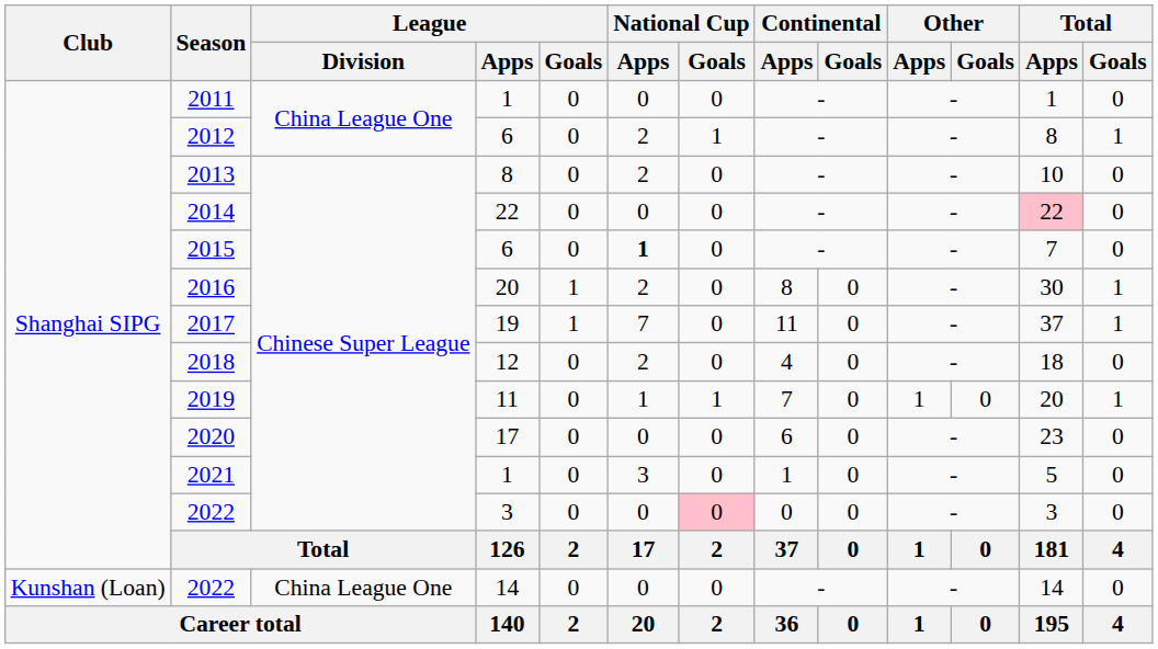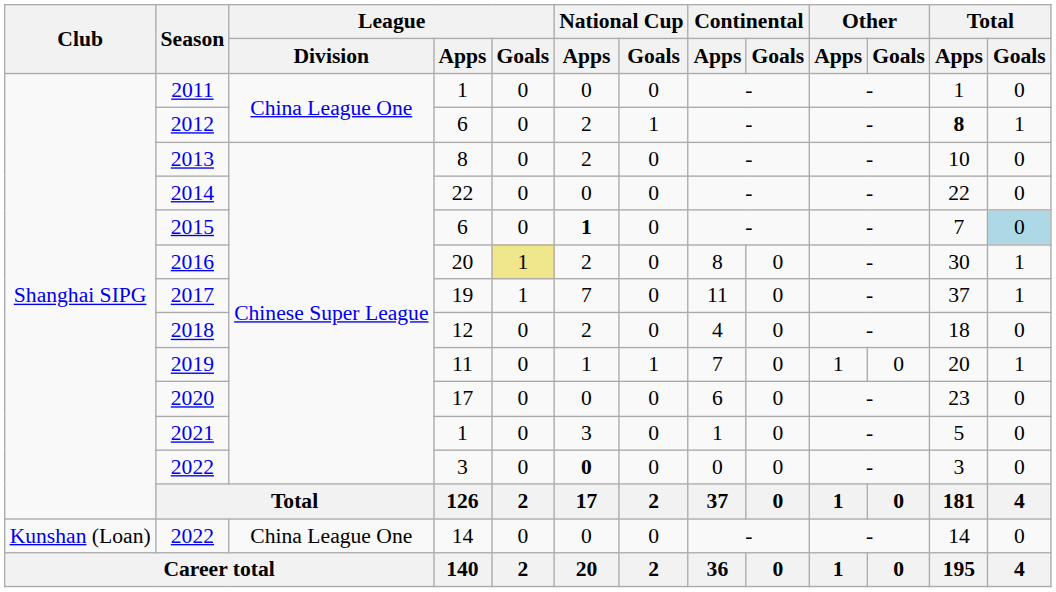 <table class="wikitable" style="text-align: center">
 <tr>
 <th rowspan="2">Club</th>
 <th rowspan="2">Season</th>
 <th colspan="3">League</th>
 <th colspan="2">National Cup</th>
 <th colspan="2">Continental</th>
 <th colspan="2">Other</th>
 <th colspan="2">Total</th>
 </tr>
 <tr>
 <th>Division</th>
 <th>Apps</th>
 <th>Goals</th>
 <th>Apps</th>
 <th>Goals</th>
 <th>Apps</th>
 <th>Goals</th>
 <th>Apps</th>
 <th>Goals</th>
 <th>Apps</th>
 <th>Goals</th>
 </tr>
 <tr>
 <td rowspan=13><a href='#'>Shanghai SIPG</a></td>
 <td><a href='#'>2011</a></td>
 <td rowspan="2"><a href='#'>China League One</a></td>
 <td>1</td>
 <td>0</td>
 <td>0</td>
 <td>0</td>
 <td colspan="2">-</td>
 <td colspan="2">-</td>
 <td>1</td>
 <td>0</td>
 </tr>
 <tr>
 <td><a href='#'>2012</a></td>
 <td>6</td>
 <td>0</td>
 <td>2</td>
 <td>1</td>
 <td colspan="2">-</td>
 <td colspan="2">-</td>
-<td>8</td>
+<td><strong>8</strong></td>
 <td>1</td>
 </tr>
 <tr>
 <td><a href='#'>2013</a></td>
 <td rowspan="10"><a href='#'>Chinese Super League</a></td>
 <td>8</td>
 <td>0</td>
 <td>2</td>
 <td>0</td>
 <td colspan="2">-</td>
 <td colspan="2">-</td>
 <td>10</td>
 <td>0</td>
 </tr>
 <tr>
 <td><a href='#'>2014</a></td>
 <td>22</td>
 <td>0</td>
 <td>0</td>
 <td>0</td>
 <td colspan="2">-</td>
 <td colspan="2">-</td>
-<td style="background: pink;">22</td>
+<td>22</td>
 <td>0</td>
 </tr>
 <tr>
 <td><a href='#'>2015</a></td>
 <td>6</td>
 <td>0</td>
 <td><strong>1</strong></td>
 <td>0</td>
 <td colspan="2">-</td>
 <td colspan="2">-</td>
 <td>7</td>
-<td>0</td>
+<td style="background: lightblue;">0</td>
 </tr>
 <tr>
 <td><a href='#'>2016</a></td>
 <td>20</td>
-<td>1</td>
+<td style="background: khaki;">1</td>
 <td>2</td>
 <td>0</td>
 <td>8</td>
 <td>0</td>
 <td colspan="2">-</td>
 <td>30</td>
 <td>1</td>
 </tr>
 <tr>
 <td><a href='#'>2017</a></td>
 <td>19</td>
 <td>1</td>
 <td>7</td>
 <td>0</td>
 <td>11</td>
 <td>0</td>
 <td colspan="2">-</td>
 <td>37</td>
 <td>1</td>
 </tr>
 <tr>
 <td><a href='#'>2018</a></td>
 <td>12</td>
 <td>0</td>
 <td>2</td>
 <td>0</td>
 <td>4</td>
 <td>0</td>
 <td colspan="2">-</td>
 <td>18</td>
 <td>0</td>
 </tr>
 <tr>
 <td><a href='#'>2019</a></td>
 <td>11</td>
 <td>0</td>
 <td>1</td>
 <td>1</td>
 <td>7</td>
 <td>0</td>
 <td>1</td>
 <td>0</td>
 <td>20</td>
 <td>1</td>
 </tr>
 <tr>
 <td><a href='#'>2020</a></td>
 <td>17</td>
 <td>0</td>
 <td>0</td>
 <td>0</td>
 <td>6</td>
 <td>0</td>
 <td colspan="2">-</td>
 <td>23</td>
 <td>0</td>
 </tr>
 <tr>
 <td><a href='#'>2021</a></td>
 <td>1</td>
 <td>0</td>
 <td>3</td>
 <td>0</td>
 <td>1</td>
 <td>0</td>
 <td colspan="2">-</td>
 <td>5</td>
 <td>0</td>
 </tr>
 <tr>
 <td><a href='#'>2022</a></td>
 <td>3</td>
 <td>0</td>
+<td><strong>0</strong></td>
 <td>0</td>
-<td style="background: pink;">0</td>
 <td>0</td>
 <td>0</td>
 <td colspan="2">-</td>
 <td>3</td>
 <td>0</td>
 </tr>
 <tr>
 <th colspan=2>Total</th>
 <th>126</th>
 <th>2</th>
 <th>17</th>
 <th>2</th>
 <th>37</th>
 <th>0</th>
 <th>1</th>
 <th>0</th>
 <th>181</th>
 <th>4</th>
 </tr>
 <tr>
 <td><a href='#'>Kunshan</a> (Loan)</td>
 <td><a href='#'>2022</a></td>
 <td>China League One</td>
 <td>14</td>
 <td>0</td>
 <td>0</td>
 <td>0</td>
 <td colspan="2">-</td>
 <td colspan="2">-</td>
 <td>14</td>
 <td>0</td>
 </tr>
 <tr>
 <th colspan=3>Career total</th>
 <th>140</th>
 <th>2</th>
 <th>20</th>
 <th>2</th>
 <th>36</th>
 <th>0</th>
 <th>1</th>
 <th>0</th>
 <th>195</th>
 <th>4</th>
 </tr>
 </table>
